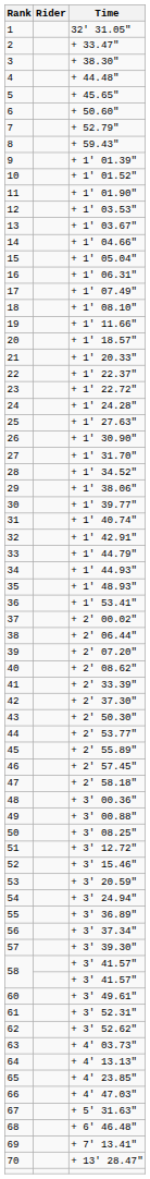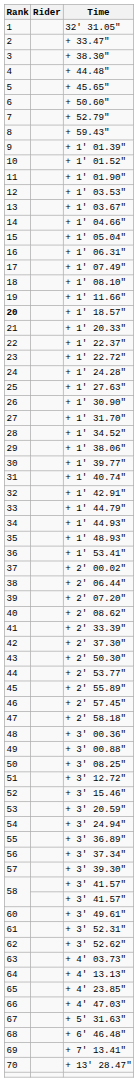 <table class="wikitable">
 <tr>
 <th>Rank</th>
 <th>Rider</th>
 <th>Time</th>
 </tr>
 <tr>
 <td>1</td>
 <td></td>
 <td>32' 31.05"</td>
 </tr>
 <tr>
 <td>2</td>
 <td></td>
 <td>+ 33.47"</td>
 </tr>
 <tr>
 <td>3</td>
 <td></td>
 <td>+ 38.30"</td>
 </tr>
 <tr>
 <td>4</td>
 <td></td>
 <td>+ 44.48"</td>
 </tr>
 <tr>
 <td>5</td>
 <td></td>
 <td>+ 45.65"</td>
 </tr>
 <tr>
 <td>6</td>
 <td></td>
 <td>+ 50.60"</td>
 </tr>
 <tr>
 <td>7</td>
 <td></td>
 <td>+ 52.79"</td>
 </tr>
 <tr>
 <td>8</td>
 <td></td>
 <td>+ 59.43"</td>
 </tr>
 <tr>
 <td>9</td>
 <td></td>
 <td>+ 1' 01.39"</td>
 </tr>
 <tr>
 <td>10</td>
 <td></td>
 <td>+ 1' 01.52"</td>
 </tr>
 <tr>
 <td>11</td>
 <td></td>
 <td>+ 1' 01.90"</td>
 </tr>
 <tr>
 <td>12</td>
 <td></td>
 <td>+ 1' 03.53"</td>
 </tr>
 <tr>
 <td>13</td>
 <td></td>
 <td>+ 1' 03.67"</td>
 </tr>
 <tr>
 <td>14</td>
 <td></td>
 <td>+ 1' 04.66"</td>
 </tr>
 <tr>
 <td>15</td>
 <td></td>
 <td>+ 1' 05.04"</td>
 </tr>
 <tr>
 <td>16</td>
 <td></td>
 <td>+ 1' 06.31"</td>
 </tr>
 <tr>
 <td>17</td>
 <td></td>
 <td>+ 1' 07.49"</td>
 </tr>
 <tr>
 <td>18</td>
 <td></td>
 <td>+ 1' 08.10"</td>
 </tr>
 <tr>
 <td>19</td>
 <td></td>
 <td>+ 1' 11.66"</td>
 </tr>
 <tr>
-<td>20</td>
+<td><strong>20</strong></td>
 <td></td>
 <td>+ 1' 18.57"</td>
 </tr>
 <tr>
 <td>21</td>
 <td></td>
 <td>+ 1' 20.33"</td>
 </tr>
 <tr>
 <td>22</td>
 <td></td>
 <td>+ 1' 22.37"</td>
 </tr>
 <tr>
 <td>23</td>
 <td></td>
 <td>+ 1' 22.72"</td>
 </tr>
 <tr>
 <td>24</td>
 <td></td>
 <td>+ 1' 24.28"</td>
 </tr>
 <tr>
 <td>25</td>
 <td></td>
 <td>+ 1' 27.63"</td>
 </tr>
 <tr>
 <td>26</td>
 <td></td>
 <td>+ 1' 30.90"</td>
 </tr>
 <tr>
 <td>27</td>
 <td></td>
 <td>+ 1' 31.70"</td>
 </tr>
 <tr>
 <td>28</td>
 <td></td>
 <td>+ 1' 34.52"</td>
 </tr>
 <tr>
 <td>29</td>
 <td></td>
 <td>+ 1' 38.06"</td>
 </tr>
 <tr>
 <td>30</td>
 <td></td>
 <td>+ 1' 39.77"</td>
 </tr>
 <tr>
 <td>31</td>
 <td></td>
 <td>+ 1' 40.74"</td>
 </tr>
 <tr>
 <td>32</td>
 <td></td>
 <td>+ 1' 42.91"</td>
 </tr>
 <tr>
 <td>33</td>
 <td></td>
 <td>+ 1' 44.79"</td>
 </tr>
 <tr>
 <td>34</td>
 <td></td>
 <td>+ 1' 44.93"</td>
 </tr>
 <tr>
 <td>35</td>
 <td></td>
 <td>+ 1' 48.93"</td>
 </tr>
 <tr>
 <td>36</td>
 <td></td>
 <td>+ 1' 53.41"</td>
 </tr>
 <tr>
 <td>37</td>
 <td></td>
 <td>+ 2' 00.02"</td>
 </tr>
 <tr>
 <td>38</td>
 <td></td>
 <td>+ 2' 06.44"</td>
 </tr>
 <tr>
 <td>39</td>
 <td></td>
 <td>+ 2' 07.20"</td>
 </tr>
 <tr>
 <td>40</td>
 <td></td>
 <td>+ 2' 08.62"</td>
 </tr>
 <tr>
 <td>41</td>
 <td></td>
 <td>+ 2' 33.39"</td>
 </tr>
 <tr>
 <td>42</td>
 <td></td>
 <td>+ 2' 37.30"</td>
 </tr>
 <tr>
 <td>43</td>
 <td></td>
 <td>+ 2' 50.30"</td>
 </tr>
 <tr>
 <td>44</td>
 <td></td>
 <td>+ 2' 53.77"</td>
 </tr>
 <tr>
 <td>45</td>
 <td></td>
 <td>+ 2' 55.89"</td>
 </tr>
 <tr>
 <td>46</td>
 <td></td>
 <td>+ 2' 57.45"</td>
 </tr>
 <tr>
 <td>47</td>
 <td></td>
 <td>+ 2' 58.18"</td>
 </tr>
 <tr>
 <td>48</td>
 <td></td>
 <td>+ 3' 00.36"</td>
 </tr>
 <tr>
 <td>49</td>
 <td></td>
 <td>+ 3' 00.88"</td>
 </tr>
 <tr>
 <td>50</td>
 <td></td>
 <td>+ 3' 08.25"</td>
 </tr>
 <tr>
 <td>51</td>
 <td></td>
 <td>+ 3' 12.72"</td>
 </tr>
 <tr>
 <td>52</td>
 <td></td>
 <td>+ 3' 15.46"</td>
 </tr>
 <tr>
 <td>53</td>
 <td></td>
 <td>+ 3' 20.59"</td>
 </tr>
 <tr>
 <td>54</td>
 <td></td>
 <td>+ 3' 24.94"</td>
 </tr>
 <tr>
 <td>55</td>
 <td></td>
 <td>+ 3' 36.89"</td>
 </tr>
 <tr>
 <td>56</td>
 <td></td>
 <td>+ 3' 37.34"</td>
 </tr>
 <tr>
 <td>57</td>
 <td></td>
 <td>+ 3' 39.30"</td>
 </tr>
 <tr>
 <td rowspan=2>58</td>
 <td></td>
 <td>+ 3' 41.57"</td>
 </tr>
 <tr>
 <td></td>
 <td>+ 3' 41.57"</td>
 </tr>
 <tr>
 <td>60</td>
 <td></td>
 <td>+ 3' 49.61"</td>
 </tr>
 <tr>
 <td>61</td>
 <td></td>
 <td>+ 3' 52.31"</td>
 </tr>
 <tr>
 <td>62</td>
 <td></td>
 <td>+ 3' 52.62"</td>
 </tr>
 <tr>
 <td>63</td>
 <td></td>
 <td>+ 4' 03.73"</td>
 </tr>
 <tr>
 <td>64</td>
 <td></td>
 <td>+ 4' 13.13"</td>
 </tr>
 <tr>
 <td>65</td>
 <td></td>
 <td>+ 4' 23.85"</td>
 </tr>
 <tr>
 <td>66</td>
 <td></td>
 <td>+ 4' 47.03"</td>
 </tr>
 <tr>
 <td>67</td>
 <td></td>
 <td>+ 5' 31.63"</td>
 </tr>
 <tr>
 <td>68</td>
 <td></td>
 <td>+ 6' 46.48"</td>
 </tr>
 <tr>
 <td>69</td>
 <td></td>
 <td>+ 7' 13.41"</td>
 </tr>
 <tr>
 <td>70</td>
 <td></td>
 <td>+ 13' 28.47"</td>
 </tr>
 <tr>
 <td></td>
 <td></td>
 <td></td>
 </tr>
 </table>
